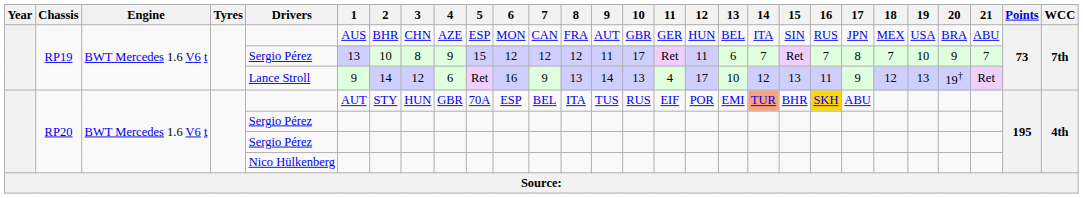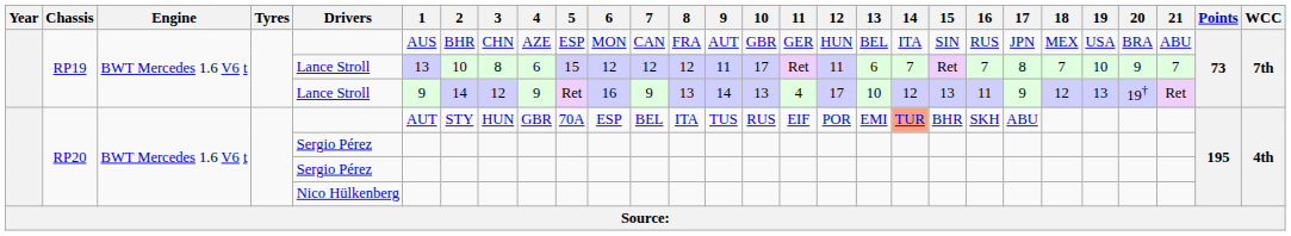 <table class="wikitable" style="text-align:center; font-size:85%">
 <tr>
 <th>Year</th>
 <th>Chassis</th>
 <th>Engine</th>
 <th>Tyres</th>
 <th>Drivers</th>
 <th>1</th>
 <th>2</th>
 <th>3</th>
 <th>4</th>
 <th>5</th>
 <th>6</th>
 <th>7</th>
 <th>8</th>
 <th>9</th>
 <th>10</th>
 <th>11</th>
 <th>12</th>
 <th>13</th>
 <th>14</th>
 <th>15</th>
 <th>16</th>
 <th>17</th>
 <th>18</th>
 <th>19</th>
 <th>20</th>
 <th>21</th>
 <th><a href='#'>Points</a></th>
 <th>WCC</th>
 </tr>
 <tr>
 <th rowspan="3"></th>
 <td rowspan="3"><a href='#'>RP19</a></td>
 <td rowspan="3"><a href='#'>BWT Mercedes</a> 1.6 <a href='#'>V6</a> <a href='#'>t</a> </td>
 <td rowspan="3"></td>
 <td></td>
 <td><a href='#'>AUS</a></td>
 <td><a href='#'>BHR</a></td>
 <td><a href='#'>CHN</a></td>
 <td><a href='#'>AZE</a></td>
 <td><a href='#'>ESP</a></td>
 <td><a href='#'>MON</a></td>
 <td><a href='#'>CAN</a></td>
 <td><a href='#'>FRA</a></td>
 <td><a href='#'>AUT</a></td>
 <td><a href='#'>GBR</a></td>
 <td><a href='#'>GER</a></td>
 <td><a href='#'>HUN</a></td>
 <td><a href='#'>BEL</a></td>
 <td><a href='#'>ITA</a></td>
 <td><a href='#'>SIN</a></td>
 <td><a href='#'>RUS</a></td>
 <td><a href='#'>JPN</a></td>
 <td><a href='#'>MEX</a></td>
 <td><a href='#'>USA</a></td>
 <td><a href='#'>BRA</a></td>
 <td><a href='#'>ABU</a></td>
 <th rowspan="3">73</th>
 <th rowspan="3">7th</th>
 </tr>
 <tr>
-<td align="left"> <a href='#'>Sergio Pérez</a></td>
+<td align="left"> <a href='#'>Lance Stroll</a></td>
 <td style="background:#CFCFFF">13</td>
 <td style="background:#DFFFDF">10</td>
 <td style="background:#DFFFDF">8</td>
-<td style="background:#DFFFDF">9</td>
+<td style="background:#DFFFDF">6</td>
 <td style="background:#CFCFFF">15</td>
 <td style="background:#CFCFFF">12</td>
 <td style="background:#CFCFFF">12</td>
 <td style="background:#CFCFFF">12</td>
 <td style="background:#CFCFFF">11</td>
 <td style="background:#CFCFFF">17</td>
 <td style="background:#EFCFFF">Ret</td>
 <td style="background:#CFCFFF">11</td>
 <td style="background:#DFFFDF">6</td>
 <td style="background:#DFFFDF">7</td>
 <td style="background:#EFCFFF">Ret</td>
 <td style="background:#DFFFDF">7</td>
 <td style="background:#DFFFDF">8</td>
 <td style="background:#DFFFDF">7</td>
 <td style="background:#DFFFDF">10</td>
 <td style="background:#DFFFDF">9</td>
 <td style="background:#DFFFDF">7</td>
 </tr>
 <tr>
 <td align="left"> <a href='#'>Lance Stroll</a></td>
 <td style="background:#DFFFDF">9</td>
 <td style="background:#CFCFFF">14</td>
 <td style="background:#CFCFFF">12</td>
-<td style="background:#DFFFDF">6</td>
+<td style="background:#DFFFDF">9</td>
 <td style="background:#EFCFFF">Ret</td>
 <td style="background:#CFCFFF">16</td>
 <td style="background:#DFFFDF">9</td>
 <td style="background:#CFCFFF">13</td>
 <td style="background:#CFCFFF">14</td>
 <td style="background:#CFCFFF">13</td>
 <td style="background:#DFFFDF">4</td>
 <td style="background:#CFCFFF">17</td>
 <td style="background:#DFFFDF">10</td>
 <td style="background:#CFCFFF">12</td>
 <td style="background:#CFCFFF">13</td>
 <td style="background:#CFCFFF">11</td>
 <td style="background:#DFFFDF">9</td>
 <td style="background:#CFCFFF">12</td>
 <td style="background:#CFCFFF">13</td>
 <td style="background:#CFCFFF">19<sup>†</sup></td>
 <td style="background:#EFCFFF">Ret</td>
 </tr>
 <tr>
 <th rowspan="4"></th>
 <td rowspan="4"><a href='#'>RP20</a></td>
 <td rowspan="4"><a href='#'>BWT Mercedes</a> 1.6 <a href='#'>V6</a> <a href='#'>t</a> </td>
 <td rowspan="4"></td>
 <td></td>
 <td><a href='#'>AUT</a></td>
 <td><a href='#'>STY</a></td>
 <td><a href='#'>HUN</a></td>
 <td><a href='#'>GBR</a></td>
 <td><a href='#'>70A</a></td>
 <td><a href='#'>ESP</a></td>
 <td><a href='#'>BEL</a></td>
 <td><a href='#'>ITA</a></td>
 <td><a href='#'>TUS</a></td>
 <td><a href='#'>RUS</a></td>
 <td><a href='#'>EIF</a></td>
 <td><a href='#'>POR</a></td>
 <td><a href='#'>EMI</a></td>
 <td style="background: lightsalmon;"><a href='#'>TUR</a></td>
 <td><a href='#'>BHR</a></td>
-<td style="background: gold;"><a href='#'>SKH</a></td>
+<td><a href='#'>SKH</a></td>
 <td><a href='#'>ABU</a></td>
 <td></td>
 <td></td>
 <td></td>
 <td></td>
 <th rowspan="4">195</th>
 <th rowspan="4">4th</th>
 </tr>
 <tr>
 <td align="left"> <a href='#'>Sergio Pérez</a></td>
 <td></td>
 <td></td>
 <td></td>
 <td></td>
 <td></td>
 <td></td>
 <td></td>
 <td></td>
 <td></td>
 <td></td>
 <td></td>
 <td></td>
 <td></td>
 <td></td>
 <td></td>
 <td></td>
 <td></td>
 <td></td>
 <td></td>
 <td></td>
 <td></td>
 </tr>
 <tr>
 <td align="left"> <a href='#'>Sergio Pérez</a></td>
 <td></td>
 <td></td>
 <td></td>
 <td></td>
 <td></td>
 <td></td>
 <td></td>
 <td></td>
 <td></td>
 <td></td>
 <td></td>
 <td></td>
 <td></td>
 <td></td>
 <td></td>
 <td></td>
 <td></td>
 <td></td>
 <td></td>
 <td></td>
 <td></td>
 </tr>
 <tr>
 <td align="left" nowrap> <a href='#'>Nico Hülkenberg</a></td>
 <td></td>
 <td></td>
 <td></td>
 <td></td>
 <td></td>
 <td></td>
 <td></td>
 <td></td>
 <td></td>
 <td></td>
 <td></td>
 <td></td>
 <td></td>
 <td></td>
 <td></td>
 <td></td>
 <td></td>
 <td></td>
 <td></td>
 <td></td>
 <td></td>
 </tr>
 <tr>
 <th colspan="28">Source:</th>
 </tr>
 </table>
